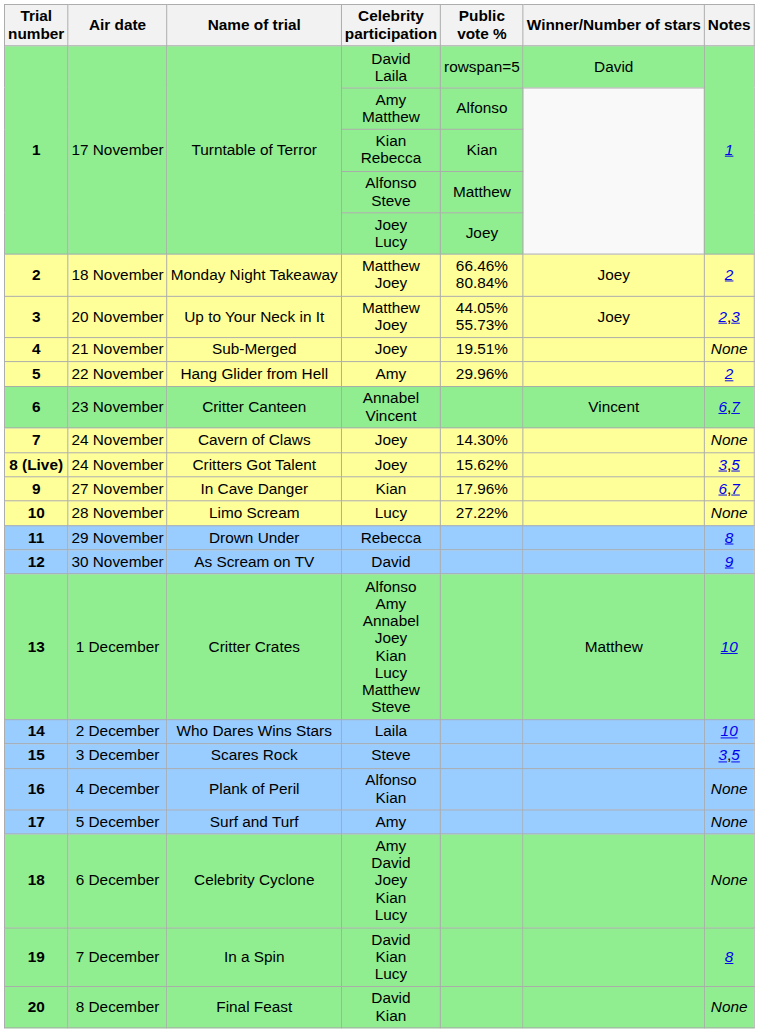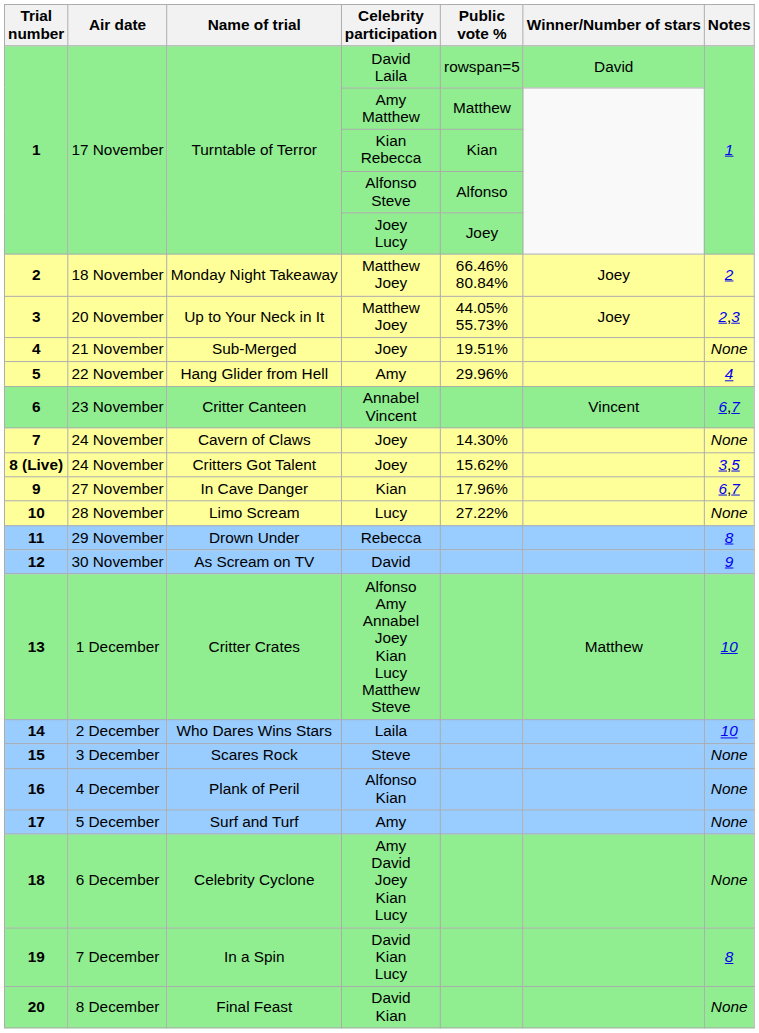 <table class=wikitable style="text-align:center">
 <tr>
 <th scope="col">Trial<br>number</th>
 <th scope="col">Air date</th>
 <th scope="col">Name of trial</th>
 <th scope="col">Celebrity<br>participation</th>
 <th scope="col">Public<br>vote %</th>
 <th scope="col">Winner/Number of stars</th>
 <th scope="col">Notes</th>
 </tr>
 <tr style="background:lightgreen;">
 <td rowspan=5><strong>1</strong></td>
 <td rowspan=5>17 November</td>
 <td rowspan=5>Turntable of Terror</td>
 <td>David<br>Laila</td>
 <td>rowspan=5 </td>
 <td>David</td>
 <td rowspan=5><em><cite><a href='#'>1</a></cite></em></td>
 </tr>
 <tr style="background:lightgreen;">
 <td>Amy<br>Matthew</td>
-<td>Alfonso</td>
+<td>Matthew</td>
 </tr>
 <tr style="background:lightgreen;">
 <td>Kian<br>Rebecca</td>
 <td>Kian</td>
 </tr>
 <tr style="background:lightgreen;">
 <td>Alfonso<br>Steve</td>
-<td>Matthew</td>
+<td>Alfonso</td>
 </tr>
 <tr style="background:lightgreen;">
 <td>Joey<br>Lucy</td>
 <td>Joey</td>
 </tr>
 <tr style="background:#ff9;">
 <td><strong>2</strong></td>
 <td>18 November</td>
 <td>Monday Night Takeaway</td>
 <td>Matthew<br>Joey</td>
 <td>66.46%<br>80.84%</td>
 <td>Joey</td>
 <td><em><cite><a href='#'>2</a></cite></em></td>
 </tr>
 <tr style="background:#ff9;">
 <td><strong>3</strong></td>
 <td>20 November</td>
 <td>Up to Your Neck in It</td>
 <td>Matthew<br>Joey</td>
 <td>44.05%<br>55.73%</td>
 <td>Joey</td>
 <td><em><cite><a href='#'>2</a></cite></em>,<em><cite><a href='#'>3</a></cite></em></td>
 </tr>
 <tr style="background:#ff9;">
 <td><strong>4</strong></td>
 <td>21 November</td>
 <td>Sub-Merged</td>
 <td>Joey</td>
 <td>19.51%</td>
 <td></td>
 <td><em>None</em></td>
 </tr>
 <tr style="background:#ff9;">
 <td><strong>5</strong></td>
 <td>22 November</td>
 <td>Hang Glider from Hell</td>
 <td>Amy</td>
 <td>29.96%</td>
 <td></td>
-<td><em><cite><a href='#'>2</a></cite></em></td>
+<td><em><cite><a href='#'>4</a></cite></em></td>
 </tr>
 <tr style="background:lightgreen;">
 <td><strong>6</strong></td>
 <td>23 November</td>
 <td>Critter Canteen</td>
 <td>Annabel<br>Vincent</td>
 <td></td>
 <td>Vincent</td>
 <td><em><cite><a href='#'>6</a></cite></em>,<em><cite><a href='#'>7</a></cite></em></td>
 </tr>
 <tr style="background:#ff9;">
 <td><strong>7</strong></td>
 <td>24 November</td>
 <td>Cavern of Claws</td>
 <td>Joey</td>
 <td>14.30%</td>
 <td></td>
 <td><em>None</em></td>
 </tr>
 <tr style="background:#ff9;">
 <td><strong>8 (Live)</strong></td>
 <td>24 November</td>
 <td>Critters Got Talent</td>
 <td>Joey</td>
 <td>15.62%</td>
 <td></td>
 <td><em><cite><a href='#'>3</a></cite></em>,<em><cite><a href='#'>5</a></cite></em></td>
 </tr>
 <tr style="background:#ff9;">
 <td><strong>9</strong></td>
 <td>27 November</td>
 <td>In Cave Danger</td>
 <td>Kian</td>
 <td>17.96%</td>
 <td></td>
 <td><em><cite><a href='#'>6</a></cite></em>,<em><cite><a href='#'>7</a></cite></em></td>
 </tr>
 <tr style="background:#ff9;">
 <td><strong>10</strong></td>
 <td>28 November</td>
 <td>Limo Scream</td>
 <td>Lucy</td>
 <td>27.22%</td>
 <td></td>
 <td><em>None</em></td>
 </tr>
 <tr style="background:#99ccff;">
 <td><strong>11</strong></td>
 <td>29 November</td>
 <td>Drown Under</td>
 <td>Rebecca</td>
 <td></td>
 <td></td>
 <td><em><cite><a href='#'>8</a></cite></em></td>
 </tr>
 <tr style="background:#99ccff;">
 <td><strong>12</strong></td>
 <td>30 November</td>
 <td>As Scream on TV</td>
 <td>David</td>
 <td></td>
 <td></td>
 <td><em><cite><a href='#'>9</a></cite></em></td>
 </tr>
 <tr bgcolor=lightgreen>
 <td><strong>13</strong></td>
 <td>1 December</td>
 <td>Critter Crates</td>
 <td>Alfonso<br>Amy<br>Annabel<br>Joey<br>Kian<br>Lucy<br>Matthew<br>Steve</td>
 <td></td>
 <td>Matthew</td>
 <td><em><cite><a href='#'>10</a></cite></em></td>
 </tr>
 <tr bgcolor=#99ccff>
 <td><strong>14</strong></td>
 <td>2 December</td>
 <td>Who Dares Wins Stars</td>
 <td>Laila</td>
 <td></td>
 <td></td>
 <td><em><cite><a href='#'>10</a></cite></em></td>
 </tr>
 <tr bgcolor=#99ccff>
 <td><strong>15</strong></td>
 <td>3 December</td>
 <td>Scares Rock</td>
 <td>Steve</td>
 <td></td>
 <td></td>
-<td><em><cite><a href='#'>3</a></cite></em>,<em><cite><a href='#'>5</a></cite></em></td>
+<td><em>None</em></td>
 </tr>
 <tr bgcolor=#99ccff>
 <td><strong>16</strong></td>
 <td>4 December</td>
 <td>Plank of Peril</td>
 <td>Alfonso<br>Kian</td>
 <td></td>
 <td></td>
 <td><em>None</em></td>
 </tr>
 <tr bgcolor=#99ccff>
 <td><strong>17</strong></td>
 <td>5 December</td>
 <td>Surf and Turf</td>
 <td>Amy</td>
 <td></td>
 <td></td>
 <td><em>None</em></td>
 </tr>
 <tr style="background:lightgreen;">
 <td><strong>18</strong></td>
 <td>6 December</td>
 <td>Celebrity Cyclone</td>
 <td>Amy<br>David<br>Joey<br>Kian<br>Lucy</td>
 <td></td>
 <td></td>
 <td><em>None</em></td>
 </tr>
 <tr style="background:lightgreen;">
 <td><strong>19</strong></td>
 <td>7 December</td>
 <td>In a Spin</td>
 <td>David<br>Kian<br>Lucy</td>
 <td></td>
 <td></td>
 <td><em><cite><a href='#'>8</a></cite></em></td>
 </tr>
 <tr style="background:lightgreen;">
 <td><strong>20</strong></td>
 <td>8 December</td>
 <td>Final Feast</td>
 <td>David<br>Kian</td>
 <td></td>
 <td><br></td>
 <td><em>None</em></td>
 </tr>
 </table>
